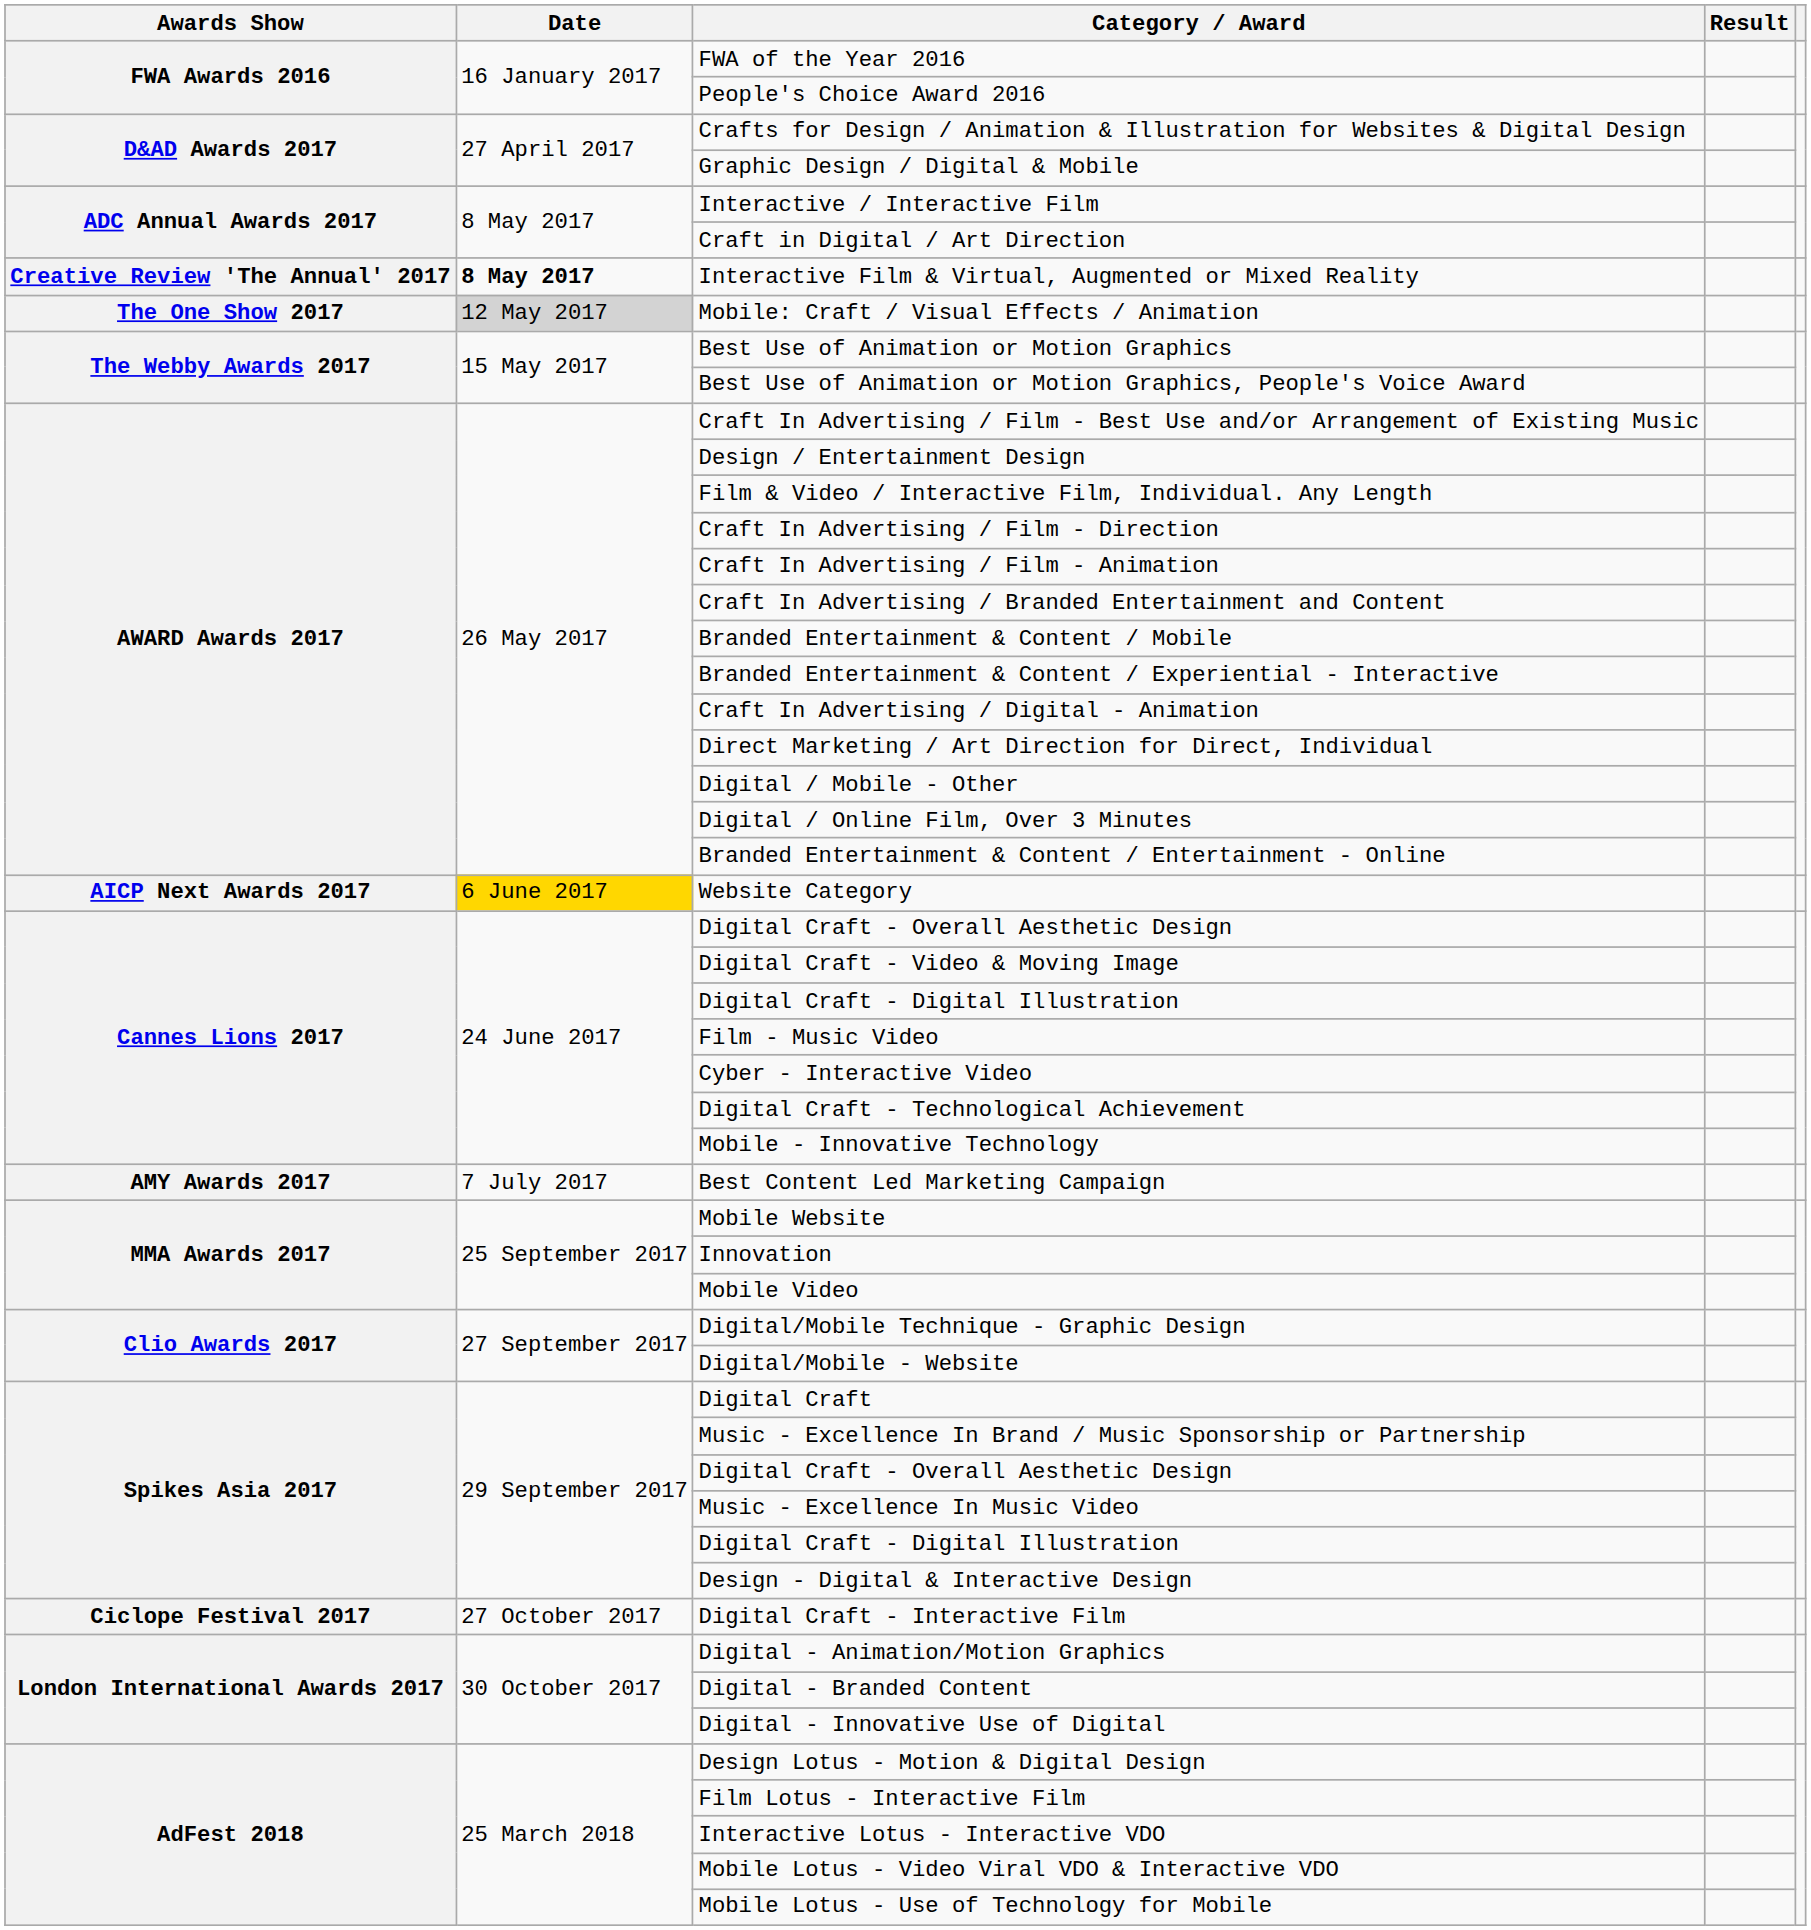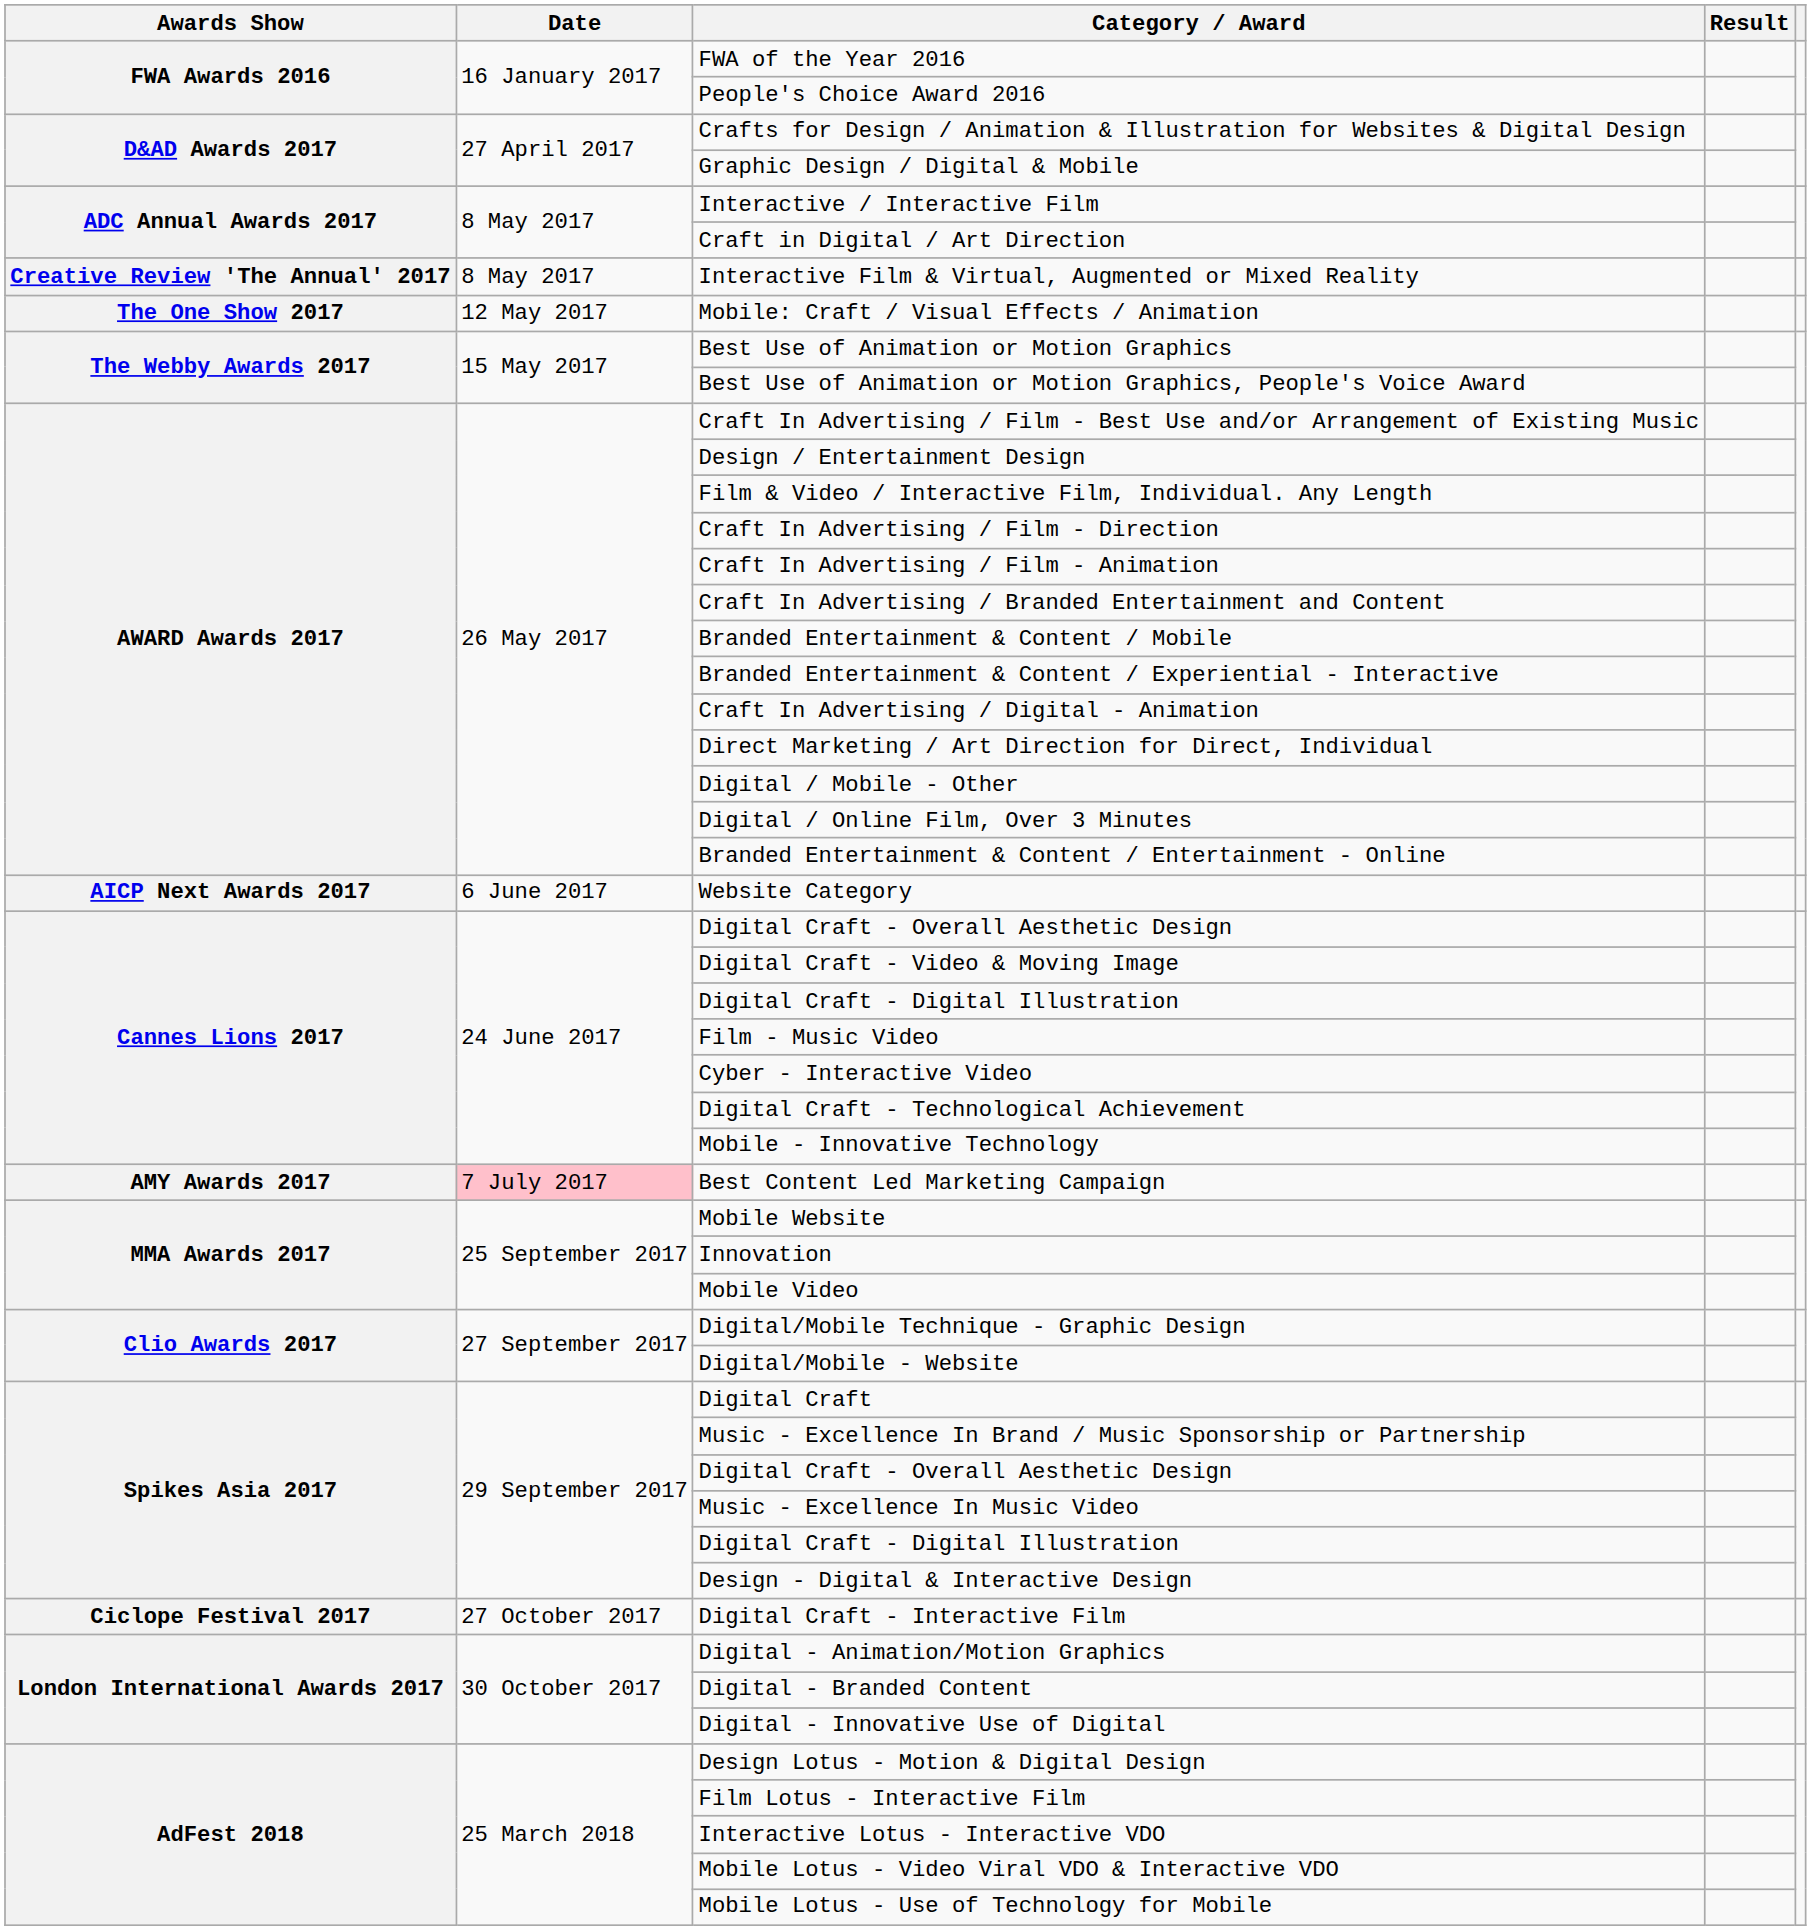 <table class="wikitable plainrowheaders sortable" style="margin-left: auto; margin-right: auto; border: none;">
 <tr>
 <th scope="col">Awards Show</th>
 <th scope="col">Date</th>
 <th scope="col">Category / Award</th>
 <th scope="col">Result</th>
 <th scope="col" class="unsortable"></th>
 </tr>
 <tr>
 <th rowspan="2" scope="row">FWA Awards 2016</th>
 <td rowspan="2">16 January 2017</td>
 <td>FWA of the Year 2016</td>
 <td></td>
 <td rowspan="2" style="text-align:center;"><br><br></td>
 </tr>
 <tr>
 <td>People's Choice Award 2016</td>
 <td></td>
 </tr>
 <tr>
 <th rowspan="2" scope="row"><a href='#'>D&AD</a> Awards 2017</th>
 <td rowspan="2">27 April 2017</td>
 <td>Crafts for Design / Animation & Illustration for Websites & Digital Design</td>
 <td></td>
 <td rowspan="2" style="text-align:center;"><br><br></td>
 </tr>
 <tr>
 <td>Graphic Design / Digital & Mobile</td>
 <td></td>
 </tr>
 <tr>
 <th rowspan="2" scope="row"><a href='#'>ADC</a> Annual Awards 2017</th>
 <td rowspan="2">8 May 2017</td>
 <td>Interactive / Interactive Film</td>
 <td></td>
 <td rowspan="2" style="text-align:center;"><br><br></td>
 </tr>
 <tr>
 <td>Craft in Digital / Art Direction</td>
 <td></td>
 </tr>
 <tr>
 <th scope="row"><a href='#'>Creative Review</a> 'The Annual' 2017</th>
-<td><strong>8 May 2017</strong></td>
+<td>8 May 2017</td>
 <td>Interactive Film & Virtual, Augmented or Mixed Reality</td>
 <td></td>
 <td style="text-align:center;"></td>
 </tr>
 <tr>
 <th scope="row"><a href='#'>The One Show</a> 2017</th>
-<td style="background: lightgrey;">12 May 2017</td>
+<td>12 May 2017</td>
 <td>Mobile: Craft / Visual Effects / Animation</td>
 <td></td>
 <td style="text-align:center;"></td>
 </tr>
 <tr>
 <th rowspan="2" scope="row"><a href='#'>The Webby Awards</a> 2017</th>
 <td rowspan="2">15 May 2017</td>
 <td>Best Use of Animation or Motion Graphics</td>
 <td></td>
 <td rowspan="2" style="text-align:center;"><br><br></td>
 </tr>
 <tr>
 <td>Best Use of Animation or Motion Graphics, People's Voice Award</td>
 <td></td>
 </tr>
 <tr>
 <th rowspan="13" scope="row">AWARD Awards 2017</th>
 <td rowspan="13">26 May 2017</td>
 <td>Craft In Advertising / Film - Best Use and/or Arrangement of Existing Music</td>
 <td></td>
 <td rowspan="13" style="text-align:center;"><br><br></td>
 </tr>
 <tr>
 <td>Design / Entertainment Design</td>
 <td></td>
 </tr>
 <tr>
 <td>Film & Video / Interactive Film, Individual. Any Length</td>
 <td></td>
 </tr>
 <tr>
 <td>Craft In Advertising / Film - Direction</td>
 <td></td>
 </tr>
 <tr>
 <td>Craft In Advertising / Film - Animation</td>
 <td></td>
 </tr>
 <tr>
 <td>Craft In Advertising / Branded Entertainment and Content</td>
 <td></td>
 </tr>
 <tr>
 <td>Branded Entertainment & Content / Mobile</td>
 <td></td>
 </tr>
 <tr>
 <td>Branded Entertainment & Content / Experiential - Interactive</td>
 <td></td>
 </tr>
 <tr>
 <td>Craft In Advertising / Digital - Animation</td>
 <td></td>
 </tr>
 <tr>
 <td>Direct Marketing / Art Direction for Direct, Individual</td>
 <td></td>
 </tr>
 <tr>
 <td>Digital / Mobile - Other</td>
 <td></td>
 </tr>
 <tr>
 <td>Digital / Online Film, Over 3 Minutes</td>
 <td></td>
 </tr>
 <tr>
 <td>Branded Entertainment & Content / Entertainment - Online</td>
 <td></td>
 </tr>
 <tr>
 <th scope="row"><a href='#'>AICP</a> Next Awards 2017</th>
-<td style="background: gold;">6 June 2017</td>
+<td>6 June 2017</td>
 <td>Website Category</td>
 <td></td>
 <td style="text-align:center;"></td>
 </tr>
 <tr>
 <th rowspan="7" scope="row"><a href='#'>Cannes Lions</a> 2017</th>
 <td rowspan="7">24 June 2017</td>
 <td>Digital Craft - Overall Aesthetic Design</td>
 <td></td>
 <td rowspan="7" style="text-align:center;"><br><br><br> <br> <br> </td>
 </tr>
 <tr>
 <td>Digital Craft - Video & Moving Image</td>
 <td></td>
 </tr>
 <tr>
 <td>Digital Craft - Digital Illustration</td>
 <td></td>
 </tr>
 <tr>
 <td>Film - Music Video</td>
 <td></td>
 </tr>
 <tr>
 <td>Cyber - Interactive Video</td>
 <td></td>
 </tr>
 <tr>
 <td>Digital Craft - Technological Achievement</td>
 <td></td>
 </tr>
 <tr>
 <td>Mobile - Innovative Technology</td>
 <td></td>
 </tr>
 <tr>
 <th scope="row">AMY Awards 2017</th>
-<td>7 July 2017</td>
+<td style="background: pink;">7 July 2017</td>
 <td>Best Content Led Marketing Campaign</td>
 <td></td>
 <td style="text-align:center;"></td>
 </tr>
 <tr>
 <th rowspan="3" scope="row">MMA Awards 2017</th>
 <td rowspan="3">25 September 2017</td>
 <td>Mobile Website</td>
 <td></td>
 <td rowspan="3" style="text-align:center;"></td>
 </tr>
 <tr>
 <td>Innovation</td>
 <td></td>
 </tr>
 <tr>
 <td>Mobile Video</td>
 <td></td>
 </tr>
 <tr>
 <th rowspan="2" scope="row"><a href='#'>Clio Awards</a> 2017</th>
 <td rowspan="2">27 September 2017</td>
 <td>Digital/Mobile Technique - Graphic Design</td>
 <td></td>
 <td rowspan="2" style="text-align:center;"><br><br></td>
 </tr>
 <tr>
 <td>Digital/Mobile - Website</td>
 <td></td>
 </tr>
 <tr>
 <th rowspan="6" scope="row">Spikes Asia 2017</th>
 <td rowspan="6">29 September 2017</td>
 <td>Digital Craft</td>
 <td></td>
 <td rowspan="6" style="text-align:center;"><br><br><br> <br> <br> <br> </td>
 </tr>
 <tr>
 <td>Music - Excellence In Brand / Music Sponsorship or Partnership</td>
 <td></td>
 </tr>
 <tr>
 <td>Digital Craft - Overall Aesthetic Design</td>
 <td></td>
 </tr>
 <tr>
 <td>Music - Excellence In Music Video</td>
 <td></td>
 </tr>
 <tr>
 <td>Digital Craft - Digital Illustration</td>
 <td></td>
 </tr>
 <tr>
 <td>Design - Digital & Interactive Design</td>
 <td></td>
 </tr>
 <tr>
 <th scope="row">Ciclope Festival 2017</th>
 <td>27 October 2017</td>
 <td>Digital Craft - Interactive Film</td>
 <td></td>
 <td style="text-align:center;"></td>
 </tr>
 <tr>
 <th rowspan="3" scope="row">London International Awards 2017</th>
 <td rowspan="3">30 October 2017</td>
 <td>Digital - Animation/Motion Graphics</td>
 <td></td>
 <td rowspan="3" style="text-align:center;"></td>
 </tr>
 <tr>
 <td>Digital - Branded Content</td>
 <td></td>
 </tr>
 <tr>
 <td>Digital - Innovative Use of Digital</td>
 <td></td>
 </tr>
 <tr>
 <th rowspan="5" scope="row">AdFest 2018</th>
 <td rowspan="5">25 March 2018</td>
 <td>Design Lotus - Motion & Digital Design</td>
 <td></td>
 <td rowspan="5" style="text-align:center;"></td>
 </tr>
 <tr>
 <td>Film Lotus - Interactive Film</td>
 <td></td>
 </tr>
 <tr>
 <td>Interactive Lotus - Interactive VDO</td>
 <td></td>
 </tr>
 <tr>
 <td>Mobile Lotus - Video Viral VDO & Interactive VDO</td>
 <td></td>
 </tr>
 <tr>
 <td>Mobile Lotus - Use of Technology for Mobile</td>
 <td></td>
 </tr>
 </table>
